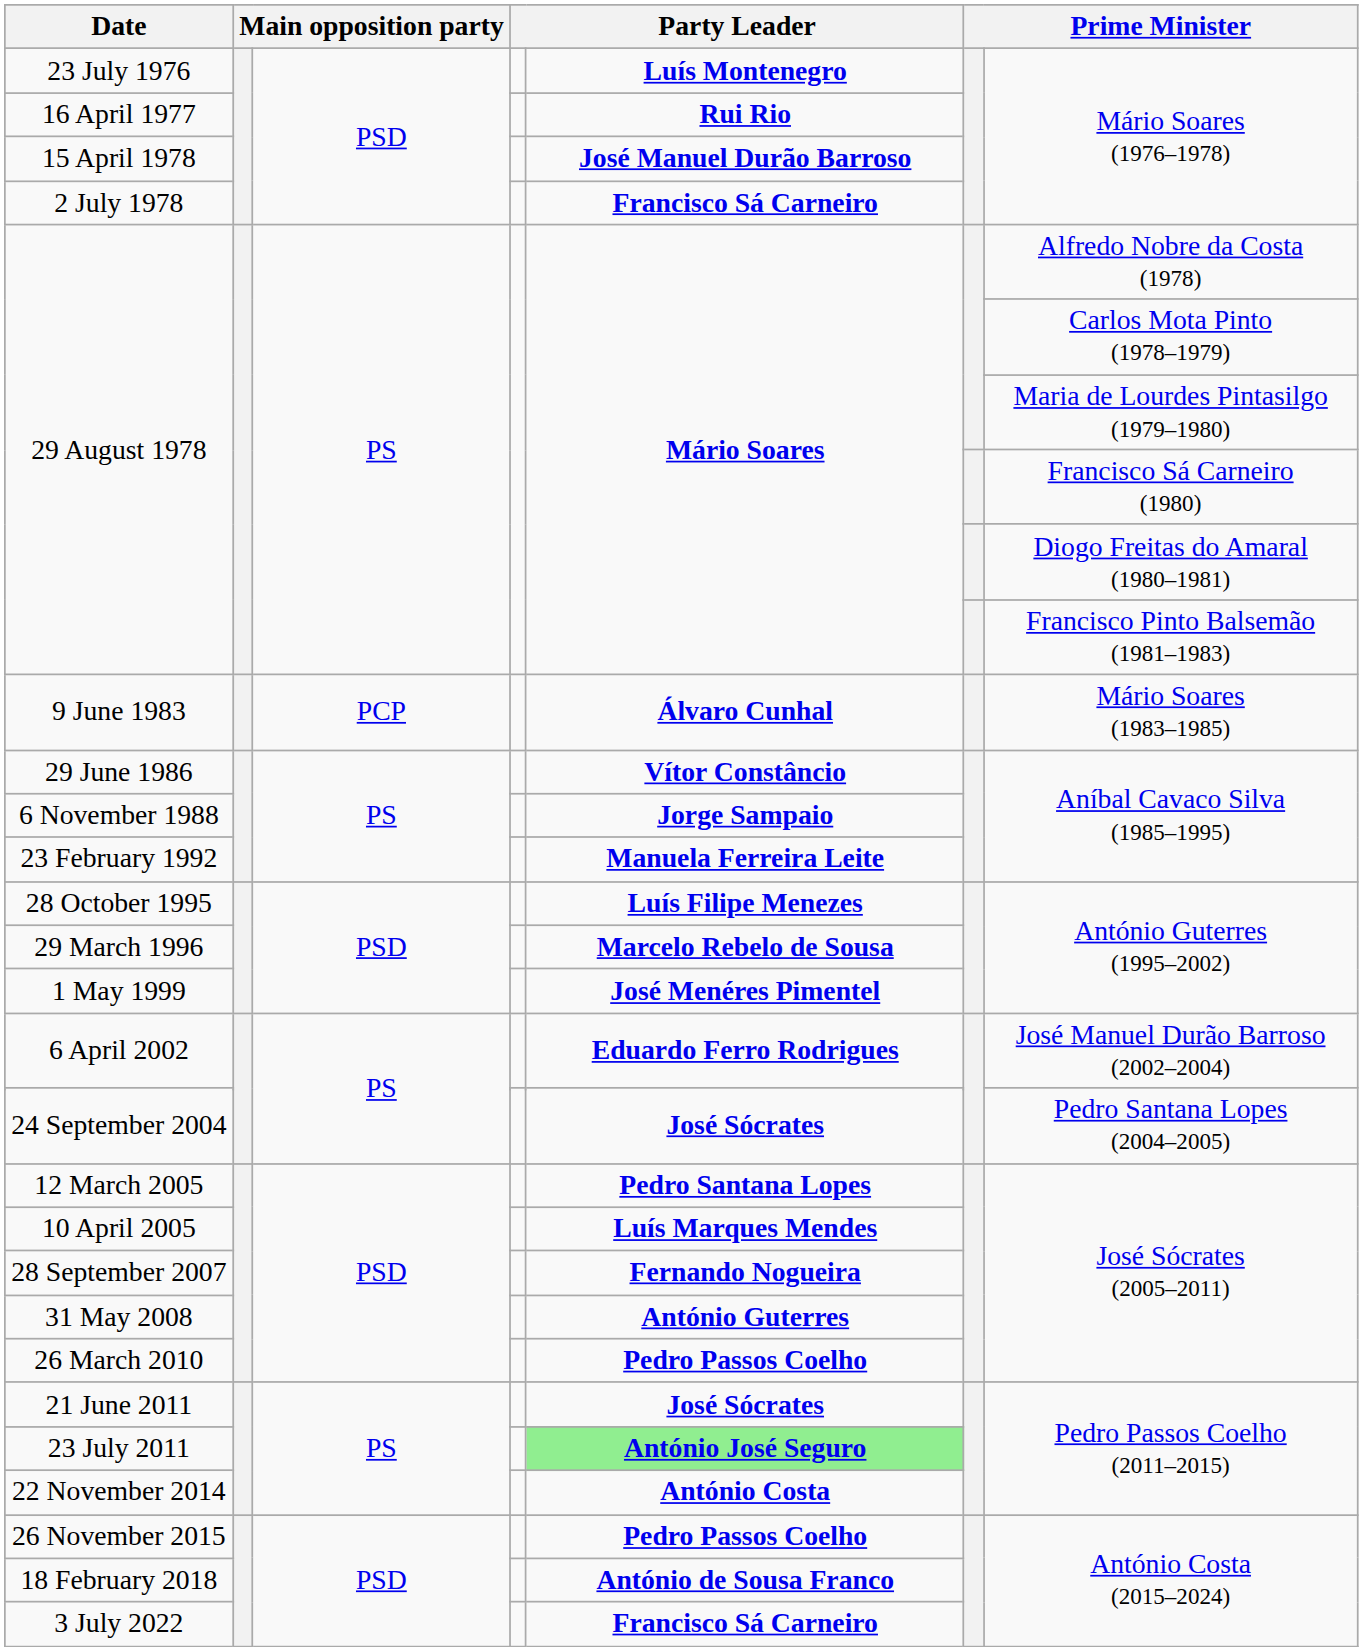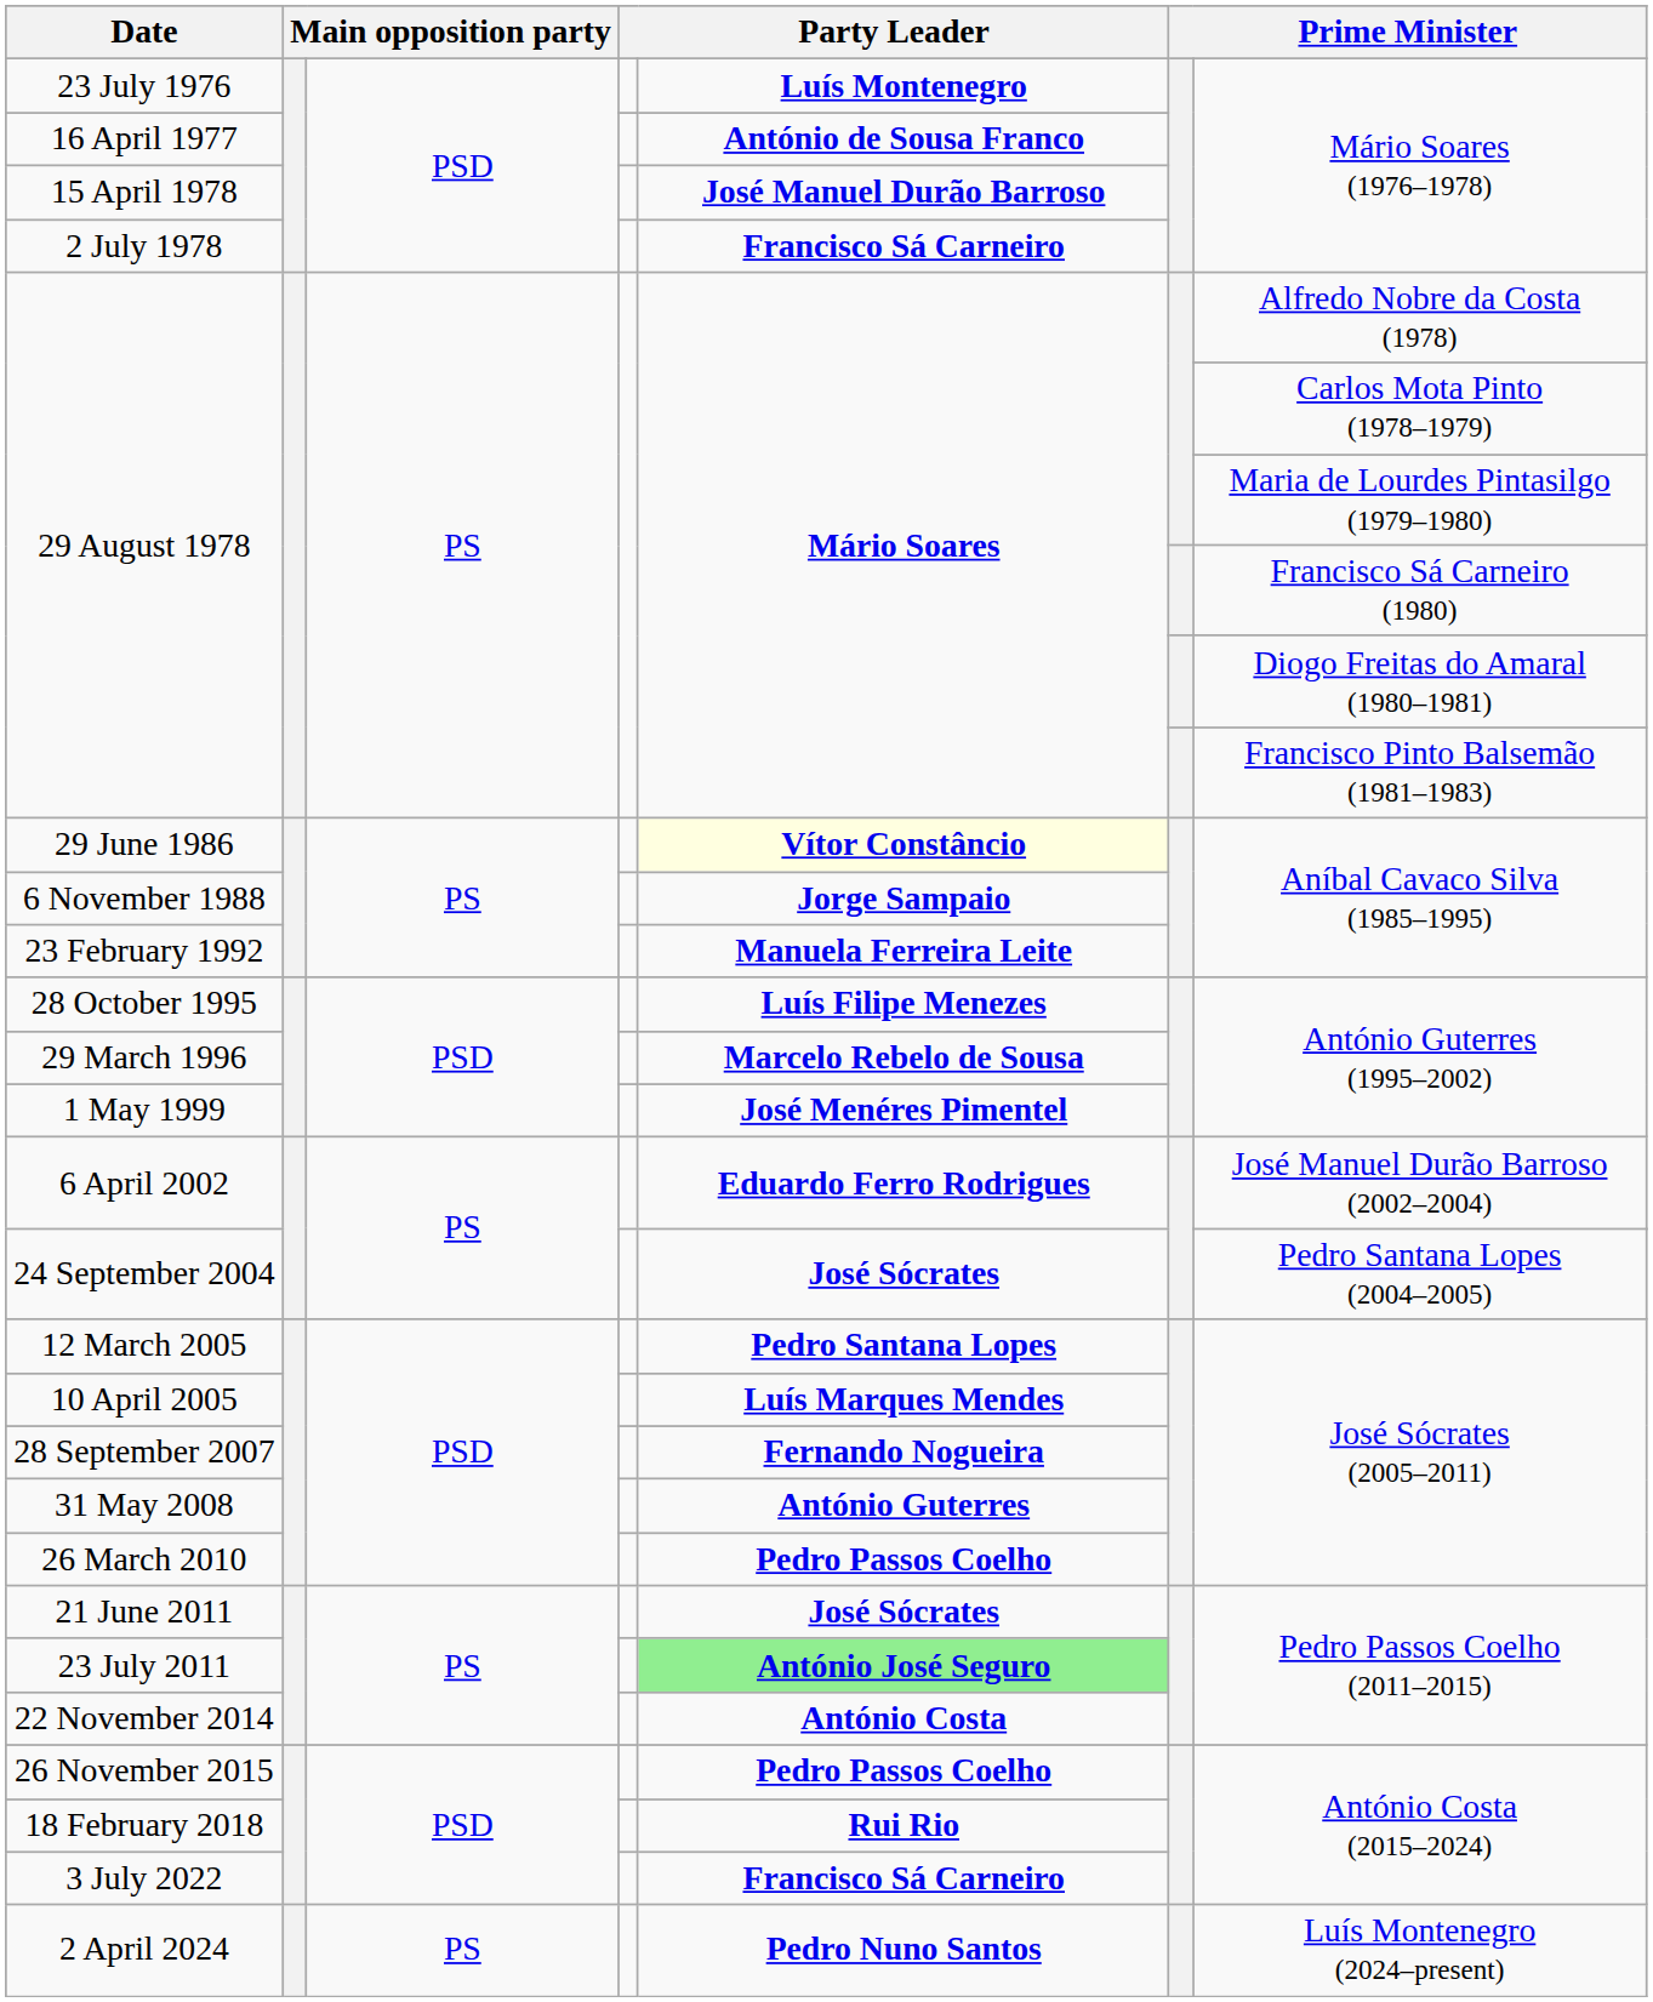 <table class="wikitable" style="text-align:center; border:1px #AAAAFF solid">
 <tr>
 <th>Date </th>
 <th colspan="2">Main opposition party</th>
 <th style="width:255px;" colspan="2">Party Leader</th>
 <th style="width:220px;" colspan="2"><a href='#'>Prime Minister</a> </th>
 </tr>
 <tr>
 <td>23 July 1976</td>
 <th width="1" rowspan="4" style="background:"></th>
 <td rowspan="4"><a href='#'>PSD</a></td>
 <td></td>
 <td><strong><a href='#'>Luís Montenegro</a></strong></td>
 <th width="4" rowspan="4" style="background:"></th>
 <td rowspan="4"><a href='#'>Mário Soares</a><br><small>(1976–1978)</small></td>
 </tr>
 <tr>
 <td>16 April 1977</td>
 <td></td>
-<td><strong><a href='#'>Rui Rio</a></strong></td>
+<td><strong><a href='#'>António de Sousa Franco</a></strong></td>
 </tr>
 <tr>
 <td>15 April 1978</td>
 <td></td>
 <td><strong><a href='#'>José Manuel Durão Barroso</a></strong></td>
 </tr>
 <tr>
 <td>2 July 1978</td>
 <td></td>
 <td><strong><a href='#'>Francisco Sá Carneiro</a></strong></td>
 </tr>
 <tr>
 <td rowspan="6">29 August 1978</td>
 <th width="1" rowspan="6" style="background:"></th>
 <td rowspan="6"><a href='#'>PS</a></td>
 <td rowspan="6"></td>
 <td rowspan="6"><strong><a href='#'>Mário Soares</a></strong></td>
 <th width="4" rowspan="3" style="background:"></th>
 <td><a href='#'>Alfredo Nobre da Costa</a><br><small>(1978)</small></td>
 </tr>
 <tr>
 <td><a href='#'>Carlos Mota Pinto</a><br><small>(1978–1979)</small></td>
 </tr>
 <tr>
 <td><a href='#'>Maria de Lourdes Pintasilgo</a><br><small>(1979–1980)</small></td>
 </tr>
 <tr>
 <th width="4" style="background:"></th>
 <td><a href='#'>Francisco Sá Carneiro</a><br><small>(1980)</small></td>
 </tr>
 <tr>
 <th width="4" style="background:"></th>
 <td><a href='#'>Diogo Freitas do Amaral</a> <br><small>(1980–1981)</small></td>
 </tr>
 <tr>
 <th width="4" style="background:"></th>
 <td><a href='#'>Francisco Pinto Balsemão</a><br><small>(1981–1983)</small></td>
 </tr>
 <tr>
-<td>9 June 1983</td>
-<th width="4" style="background:"></th>
-<td><a href='#'>PCP</a></td>
-<td></td>
-<td><strong><a href='#'>Álvaro Cunhal</a></strong></td>
-<th width="4" style="background:"></th>
-<td><a href='#'>Mário Soares</a><br><small>(1983–1985)</small></td>
-</tr>
-<tr>
 <td>29 June 1986</td>
 <th width="4" rowspan="3" style="background:"></th>
 <td rowspan="3"><a href='#'>PS</a></td>
 <td></td>
-<td><strong><a href='#'>Vítor Constâncio</a></strong></td>
+<td style="background: lightyellow;"><strong><a href='#'>Vítor Constâncio</a></strong></td>
 <th width="4" rowspan="3" style="background:"></th>
 <td rowspan="3"><a href='#'>Aníbal Cavaco Silva</a><br><small>(1985–1995)</small></td>
 </tr>
 <tr>
 <td>6 November 1988</td>
 <td></td>
 <td><strong><a href='#'>Jorge Sampaio</a></strong></td>
 </tr>
 <tr>
 <td>23 February 1992</td>
 <td></td>
 <td><strong><a href='#'>Manuela Ferreira Leite</a></strong></td>
 </tr>
 <tr>
 <td>28 October 1995</td>
 <th width="4" rowspan="3" style="background:"></th>
 <td rowspan="3"><a href='#'>PSD</a></td>
 <td></td>
 <td><strong><a href='#'>Luís Filipe Menezes</a></strong></td>
 <th width="4" rowspan="3" style="background:"></th>
 <td rowspan="3"><a href='#'>António Guterres</a><br><small>(1995–2002)</small></td>
 </tr>
 <tr>
 <td>29 March 1996</td>
 <td></td>
 <td><strong><a href='#'>Marcelo Rebelo de Sousa</a></strong></td>
 </tr>
 <tr>
 <td>1 May 1999</td>
 <td></td>
 <td><strong><a href='#'>José Menéres Pimentel</a></strong></td>
 </tr>
 <tr>
 <td rowspan="2">6 April 2002</td>
 <th width="4" rowspan="3" style="background:"></th>
 <td rowspan="3"><a href='#'>PS</a></td>
 <td rowspan="2"></td>
 <td rowspan="2"><strong><a href='#'>Eduardo Ferro Rodrigues</a></strong></td>
 <th width="4" rowspan="3" style="background:"></th>
 <td><a href='#'>José Manuel Durão Barroso</a><br><small>(2002–2004)</small></td>
 </tr>
 <tr>
 <td rowspan="2"><a href='#'>Pedro Santana Lopes</a><br><small>(2004–2005)</small></td>
 </tr>
 <tr>
 <td>24 September 2004</td>
 <td></td>
 <td><strong><a href='#'>José Sócrates</a></strong></td>
 </tr>
 <tr>
 <td>12 March 2005</td>
 <th width="4" rowspan="5" style="background:"></th>
 <td rowspan="5"><a href='#'>PSD</a></td>
 <td></td>
 <td><strong><a href='#'>Pedro Santana Lopes</a></strong></td>
 <th width="4" rowspan="5" style="background:"></th>
 <td rowspan="5"><a href='#'>José Sócrates</a><br><small>(2005–2011)</small></td>
 </tr>
 <tr>
 <td>10 April 2005</td>
 <td></td>
 <td><strong><a href='#'>Luís Marques Mendes</a></strong></td>
 </tr>
 <tr>
 <td>28 September 2007</td>
 <td></td>
 <td><strong><a href='#'>Fernando Nogueira</a></strong></td>
 </tr>
 <tr>
 <td>31 May 2008</td>
 <td></td>
 <td><strong><a href='#'>António Guterres</a></strong></td>
 </tr>
 <tr>
 <td>26 March 2010</td>
 <td></td>
 <td><strong><a href='#'>Pedro Passos Coelho</a></strong></td>
 </tr>
 <tr>
 <td>21 June 2011</td>
 <th width="4" rowspan="3" style="background:"></th>
 <td rowspan="3"><a href='#'>PS</a></td>
 <td></td>
 <td><strong><a href='#'>José Sócrates</a></strong></td>
 <th width="4" rowspan="3" style="background:"></th>
 <td rowspan="3"><a href='#'>Pedro Passos Coelho</a><br><small>(2011–2015)</small></td>
 </tr>
 <tr>
 <td>23 July 2011</td>
 <td></td>
 <td style="background: lightgreen;"><strong><a href='#'>António José Seguro</a></strong></td>
 </tr>
 <tr>
 <td>22 November 2014</td>
 <td></td>
 <td><strong><a href='#'>António Costa</a></strong></td>
 </tr>
 <tr>
 <td>26 November 2015</td>
 <th width="4" rowspan="3" style="background:"></th>
 <td rowspan="3"><a href='#'>PSD</a></td>
 <td></td>
 <td><strong><a href='#'>Pedro Passos Coelho</a></strong></td>
 <th width="4" rowspan="3" style="background:"></th>
 <td rowspan="3"><a href='#'>António Costa</a><br><small>(2015–2024)</small></td>
 </tr>
 <tr>
 <td>18 February 2018</td>
 <td></td>
-<td><strong><a href='#'>António de Sousa Franco</a></strong></td>
+<td><strong><a href='#'>Rui Rio</a></strong></td>
 </tr>
 <tr>
 <td>3 July 2022</td>
 <td></td>
 <td><strong><a href='#'>Francisco Sá Carneiro</a></strong></td>
 </tr>
+<tr>
+<td>2 April 2024</td>
+<th style="background:"></th>
+<td><a href='#'>PS</a></td>
+<td></td>
+<td><strong><a href='#'>Pedro Nuno Santos</a></strong></td>
+<th style="background:"></th>
+<td><a href='#'>Luís Montenegro</a><br><small>(2024–present)</small></td>
+</tr>
 </table>
